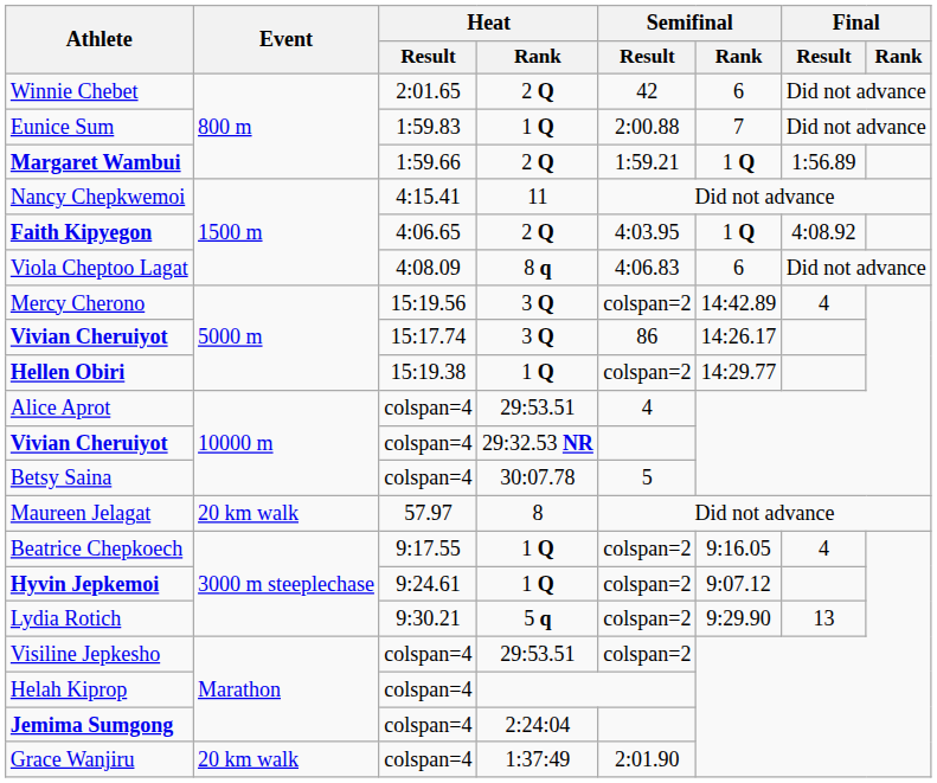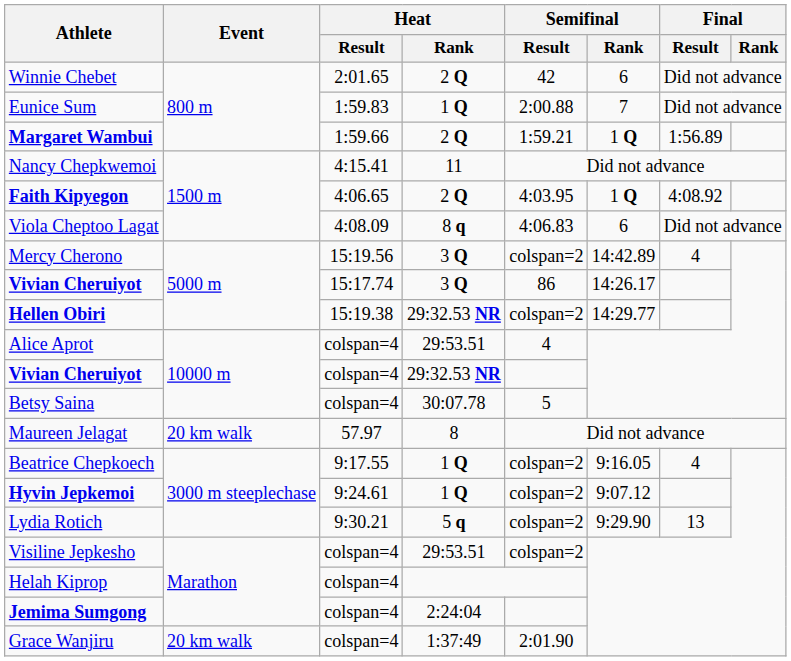 <table class="wikitable" style="font-size:90%">
 <tr>
 <th rowspan="2">Athlete</th>
 <th rowspan="2">Event</th>
 <th colspan="2">Heat</th>
 <th colspan="2">Semifinal</th>
 <th colspan="2">Final</th>
 </tr>
 <tr style="font-size:95%">
 <th>Result</th>
 <th>Rank</th>
 <th>Result</th>
 <th>Rank</th>
 <th>Result</th>
 <th>Rank</th>
 </tr>
 <tr align=center>
 <td align=left><a href='#'>Winnie Chebet</a></td>
 <td align=left rowspan=3><a href='#'>800 m</a></td>
 <td>2:01.65</td>
 <td>2 <strong>Q</strong></td>
 <td>42</td>
 <td>6</td>
 <td colspan=2>Did not advance</td>
 </tr>
 <tr align=center>
 <td align=left><a href='#'>Eunice Sum</a></td>
 <td>1:59.83</td>
 <td>1 <strong>Q</strong></td>
 <td>2:00.88</td>
 <td>7</td>
 <td colspan=2>Did not advance</td>
 </tr>
 <tr align=center>
 <td align=left><strong><a href='#'>Margaret Wambui</a></strong></td>
 <td>1:59.66</td>
 <td>2 <strong>Q</strong></td>
 <td>1:59.21</td>
 <td>1 <strong>Q</strong></td>
 <td>1:56.89</td>
 <td></td>
 </tr>
 <tr align=center>
 <td align=left><a href='#'>Nancy Chepkwemoi</a></td>
 <td align=left rowspan=3><a href='#'>1500 m</a></td>
 <td>4:15.41</td>
 <td>11</td>
 <td colspan=4>Did not advance</td>
 </tr>
 <tr align=center>
 <td align=left><strong><a href='#'>Faith Kipyegon</a></strong></td>
 <td>4:06.65</td>
 <td>2 <strong>Q</strong></td>
 <td>4:03.95</td>
 <td>1 <strong>Q</strong></td>
 <td>4:08.92</td>
 <td></td>
 </tr>
 <tr align=center>
 <td align=left><a href='#'>Viola Cheptoo Lagat</a></td>
 <td>4:08.09</td>
 <td>8 <strong>q</strong></td>
 <td>4:06.83</td>
 <td>6</td>
 <td colspan=2>Did not advance</td>
 </tr>
 <tr align=center>
 <td align=left><a href='#'>Mercy Cherono</a></td>
 <td align=left rowspan=3><a href='#'>5000 m</a></td>
 <td>15:19.56</td>
 <td>3 <strong>Q</strong></td>
 <td>colspan=2 </td>
 <td>14:42.89</td>
 <td>4</td>
 </tr>
 <tr align=center>
 <td align=left><strong><a href='#'>Vivian Cheruiyot</a></strong></td>
 <td>15:17.74</td>
 <td>3 <strong>Q</strong></td>
 <td>86</td>
 <td>14:26.17 </td>
 <td></td>
 </tr>
 <tr align=center>
 <td align=left><strong><a href='#'>Hellen Obiri</a></strong></td>
 <td>15:19.38</td>
-<td>1 <strong>Q</strong></td>
+<td>29:32.53 <strong><a href='#'>NR</a></strong></td>
 <td>colspan=2 </td>
 <td>14:29.77</td>
 <td></td>
 </tr>
 <tr align=center>
 <td align=left><a href='#'>Alice Aprot</a></td>
 <td align=left rowspan=3><a href='#'>10000 m</a></td>
 <td>colspan=4 </td>
 <td>29:53.51</td>
 <td>4</td>
 </tr>
 <tr align=center>
 <td align=left><strong><a href='#'>Vivian Cheruiyot</a></strong></td>
 <td>colspan=4 </td>
 <td>29:32.53 <strong><a href='#'>NR</a></strong></td>
 <td></td>
 </tr>
 <tr align=center>
 <td align=left><a href='#'>Betsy Saina</a></td>
 <td>colspan=4 </td>
 <td>30:07.78</td>
 <td>5</td>
 </tr>
 <tr align=center>
 <td align=left><a href='#'>Maureen Jelagat</a></td>
 <td align=left><a href='#'>20 km walk</a></td>
 <td>57.97</td>
 <td>8</td>
 <td colspan=4>Did not advance</td>
 </tr>
 <tr align=center>
 <td align=left><a href='#'>Beatrice Chepkoech</a></td>
 <td align=left rowspan=3><a href='#'>3000 m steeplechase</a></td>
 <td>9:17.55</td>
 <td>1 <strong>Q</strong></td>
 <td>colspan=2 </td>
 <td>9:16.05</td>
 <td>4</td>
 </tr>
 <tr align=center>
 <td align=left><strong><a href='#'>Hyvin Jepkemoi</a></strong></td>
 <td>9:24.61</td>
 <td>1 <strong>Q</strong></td>
 <td>colspan=2 </td>
 <td>9:07.12</td>
 <td></td>
 </tr>
 <tr align=center>
 <td align=left><a href='#'>Lydia Rotich</a></td>
 <td>9:30.21</td>
 <td>5 <strong>q</strong></td>
 <td>colspan=2 </td>
 <td>9:29.90</td>
 <td>13</td>
 </tr>
 <tr align=center>
 <td align=left><a href='#'>Visiline Jepkesho</a></td>
 <td align=left rowspan=3><a href='#'>Marathon</a></td>
 <td>colspan=4 </td>
 <td>29:53.51</td>
 <td>colspan=2 </td>
 </tr>
 <tr align=center>
 <td align=left><a href='#'>Helah Kiprop</a></td>
 <td>colspan=4 </td>
 <td colspan=2></td>
 </tr>
 <tr align=center>
 <td align=left><strong><a href='#'>Jemima Sumgong</a></strong></td>
 <td>colspan=4 </td>
 <td>2:24:04</td>
 <td></td>
 </tr>
 <tr align=center>
 <td align=left><a href='#'>Grace Wanjiru</a></td>
 <td align=left><a href='#'>20 km walk</a></td>
 <td>colspan=4 </td>
 <td>1:37:49</td>
 <td>2:01.90</td>
 </tr>
 </table>
